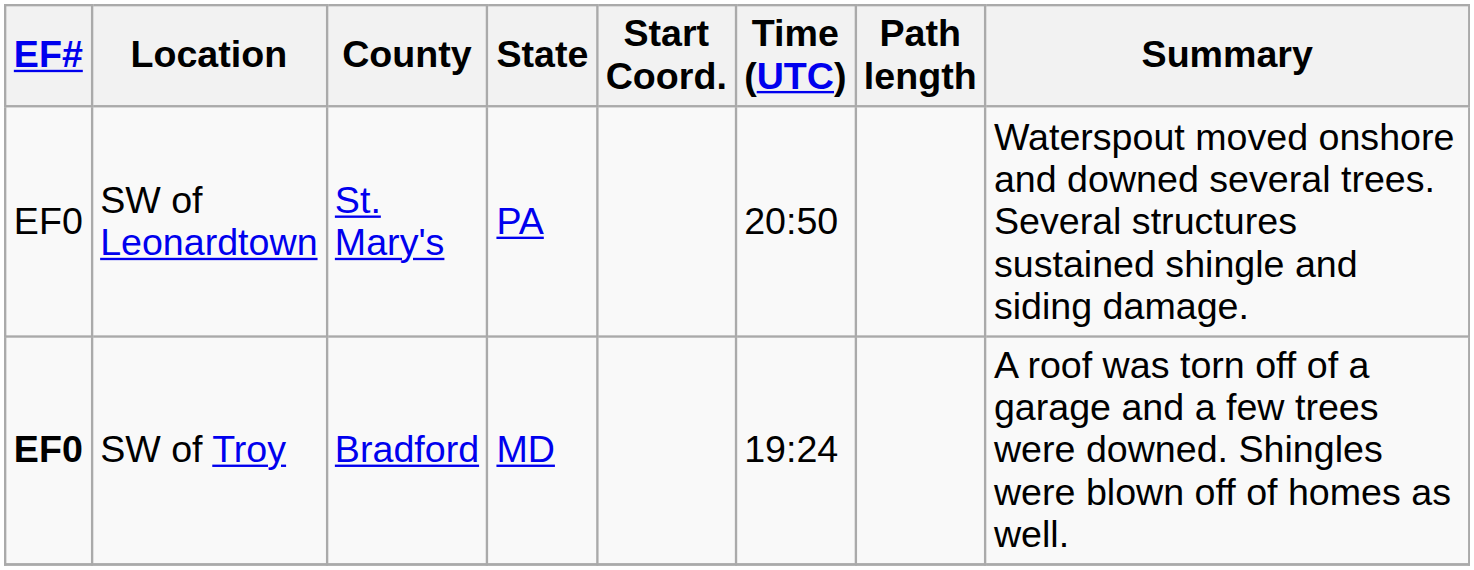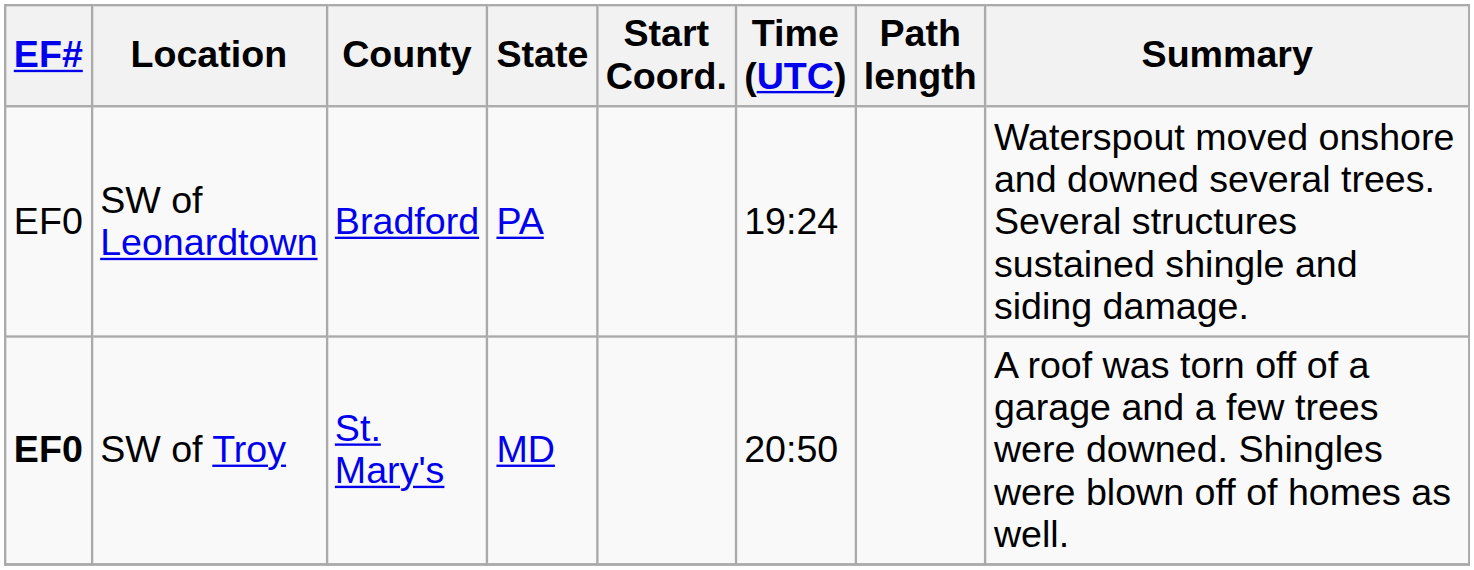 <table class="wikitable sortable" style="width:100%;">
 <tr>
 <th scope="col"  style="width:3%; text-align:center;"><a href='#'>EF#</a></th>
 <th scope="col"  style="width:7%; text-align:center;" class="unsortable">Location</th>
 <th scope="col"  style="width:6%; text-align:center;" class="unsortable">County</th>
 <th scope="col"  style="width:5%; text-align:center;">State</th>
 <th scope="col"  style="width:6%; text-align:center;">Start Coord.</th>
 <th scope="col"  style="width:6%; text-align:center;">Time (<a href='#'>UTC</a>)</th>
 <th scope="col"  style="width:6%; text-align:center;">Path length</th>
 <th scope="col" class="unsortable" style="width:48%; text-align:center;">Summary</th>
 </tr>
 <tr>
 <td>EF0</td>
 <td>SW of <a href='#'>Leonardtown</a></td>
-<td><a href='#'>St. Mary's</a></td>
+<td><a href='#'>Bradford</a></td>
 <td><a href='#'>PA</a></td>
 <td></td>
-<td>20:50</td>
+<td>19:24</td>
 <td></td>
 <td>Waterspout moved onshore and downed several trees. Several structures sustained shingle and siding damage.</td>
 </tr>
 <tr>
 <td><strong>EF0</strong></td>
 <td>SW of <a href='#'>Troy</a></td>
-<td><a href='#'>Bradford</a></td>
+<td><a href='#'>St. Mary's</a></td>
 <td><a href='#'>MD</a></td>
 <td></td>
-<td>19:24</td>
+<td>20:50</td>
 <td></td>
 <td>A roof was torn off of a garage and a few trees were downed. Shingles were blown off of homes as well.</td>
 </tr>
 <tr>
 </tr>
 </table>
